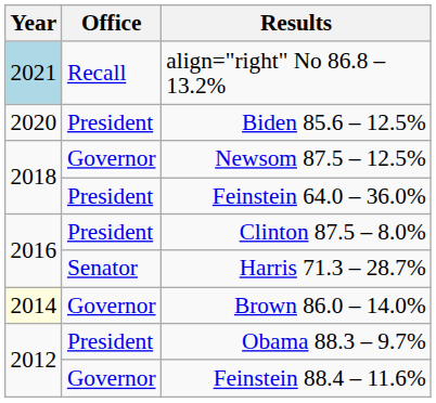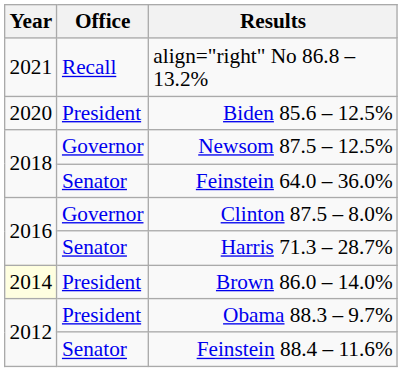 <table class=wikitable>
 <tr>
 <th style="width:30px;">Year</th>
 <th style="width:60px;">Office</th>
 <th style="width:180px;">Results</th>
 </tr>
 <tr>
-<td style="background: lightblue;">2021</td>
+<td>2021</td>
 <td><a href='#'>Recall</a></td>
 <td>align="right"  No 86.8 – 13.2%</td>
 </tr>
 <tr>
 <td>2020</td>
 <td><a href='#'>President</a></td>
 <td align="right" ><a href='#'>Biden</a> 85.6 – 12.5%</td>
 </tr>
 <tr>
 <td rowspan="2">2018</td>
 <td><a href='#'>Governor</a></td>
 <td align="right" ><a href='#'>Newsom</a> 87.5 – 12.5%</td>
 </tr>
 <tr>
-<td><a href='#'>President</a></td>
+<td><a href='#'>Senator</a></td>
 <td align="right" ><a href='#'>Feinstein</a> 64.0 – 36.0%</td>
 </tr>
 <tr>
 <td rowspan="2">2016</td>
-<td><a href='#'>President</a></td>
+<td><a href='#'>Governor</a></td>
 <td align="right" ><a href='#'>Clinton</a> 87.5 – 8.0%</td>
 </tr>
 <tr>
 <td><a href='#'>Senator</a></td>
 <td align="right" ><a href='#'>Harris</a> 71.3 – 28.7%</td>
 </tr>
 <tr>
 <td style="background: lightyellow;">2014</td>
-<td><a href='#'>Governor</a></td>
+<td><a href='#'>President</a></td>
 <td align="right" ><a href='#'>Brown</a> 86.0 – 14.0%</td>
 </tr>
 <tr>
 <td rowspan="2">2012</td>
 <td><a href='#'>President</a></td>
 <td align="right" ><a href='#'>Obama</a> 88.3 – 9.7%</td>
 </tr>
 <tr>
-<td><a href='#'>Governor</a></td>
+<td><a href='#'>Senator</a></td>
 <td align="right" ><a href='#'>Feinstein</a> 88.4 – 11.6%</td>
 </tr>
 </table>
